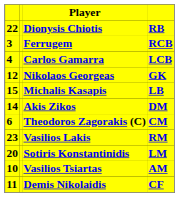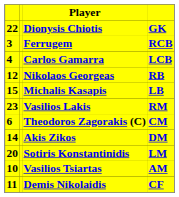 <table class="toccolours" border="0" cellpadding="2" cellspacing="0" align="center" style="margin: 0.5em 0 1em 1em; background: #000000; border: 1px #aaaaaa solid;">
 <tr bgcolor=#FFFF00>
 <th></th>
 <th></th>
 <th>Player</th>
 <th></th>
 </tr>
 <tr bgcolor=#FFFF00>
 <td><strong>22</strong></td>
 <td></td>
 <td><a href='#'><span><strong>Dionysis Chiotis</strong></span></a></td>
-<td><a href='#'><strong>RB</strong></a></td>
+<td><a href='#'><strong>GK</strong></a></td>
 </tr>
 <tr bgcolor=#FFFF00>
 <td><strong>3</strong></td>
 <td></td>
 <td><a href='#'><span><strong>Ferrugem</strong></span></a></td>
 <td><a href='#'><strong>RCB</strong></a></td>
 </tr>
 <tr bgcolor=#FFFF00>
 <td><strong>4</strong></td>
 <td></td>
 <td><a href='#'><span><strong>Carlos Gamarra</strong></span></a></td>
 <td><a href='#'><strong>LCB</strong></a></td>
 </tr>
 <tr bgcolor=#FFFF00>
 <td><strong>12</strong></td>
 <td></td>
 <td><a href='#'><span><strong>Nikolaos Georgeas</strong></span></a></td>
-<td><a href='#'><strong>GK</strong></a></td>
+<td><a href='#'><strong>RB</strong></a></td>
 </tr>
 <tr bgcolor=#FFFF00>
 <td><strong>15</strong></td>
 <td></td>
 <td><a href='#'><span><strong>Michalis Kasapis</strong></span></a></td>
 <td><a href='#'><strong>LB</strong></a></td>
 </tr>
 <tr bgcolor=#FFFF00>
-<td><strong>14</strong></td>
+<td><strong>23</strong></td>
 <td></td>
-<td><a href='#'><span><strong>Akis Zikos</strong></span></a></td>
-<td><a href='#'><strong>DM</strong></a></td>
+<td><a href='#'><span><strong>Vasilios Lakis</strong></span></a></td>
+<td><a href='#'><strong>RM</strong></a></td>
 </tr>
 <tr bgcolor=#FFFF00>
 <td><strong>6</strong></td>
 <td></td>
 <td><a href='#'><span><strong>Theodoros Zagorakis</strong></span></a> <strong>(C)</strong></td>
 <td><a href='#'><strong>CM</strong></a></td>
 </tr>
 <tr bgcolor=#FFFF00>
-<td><strong>23</strong></td>
+<td><strong>14</strong></td>
 <td></td>
-<td><a href='#'><span><strong>Vasilios Lakis</strong></span></a></td>
-<td><a href='#'><strong>RM</strong></a></td>
+<td><a href='#'><span><strong>Akis Zikos</strong></span></a></td>
+<td><a href='#'><strong>DM</strong></a></td>
 </tr>
 <tr bgcolor=#FFFF00>
 <td><strong>20</strong></td>
 <td></td>
 <td><a href='#'><span><strong>Sotiris Konstantinidis</strong></span></a></td>
 <td><a href='#'><strong>LM</strong></a></td>
 </tr>
 <tr bgcolor=#FFFF00>
 <td><strong>10</strong></td>
 <td></td>
 <td><a href='#'><span><strong>Vasilios Tsiartas</strong></span></a></td>
 <td><a href='#'><strong>AM</strong></a></td>
 </tr>
 <tr bgcolor=#FFFF00>
 <td><strong>11</strong></td>
 <td></td>
 <td><a href='#'><span><strong>Demis Nikolaidis</strong></span></a></td>
 <td><a href='#'><strong>CF</strong></a></td>
 </tr>
 </table>
